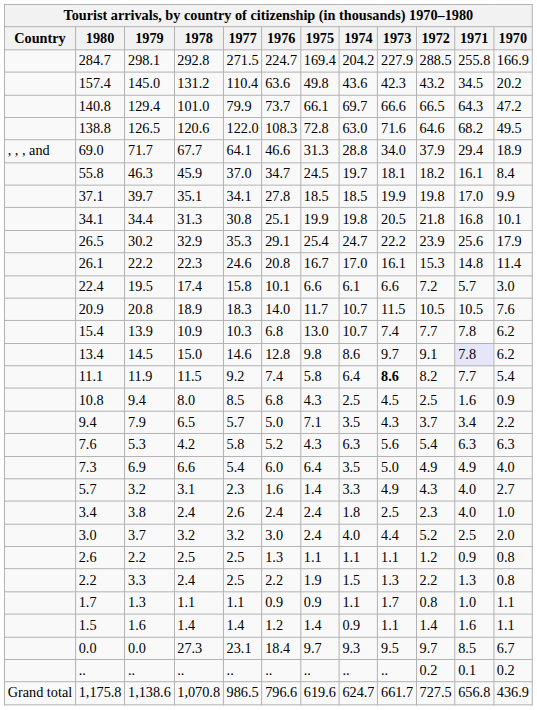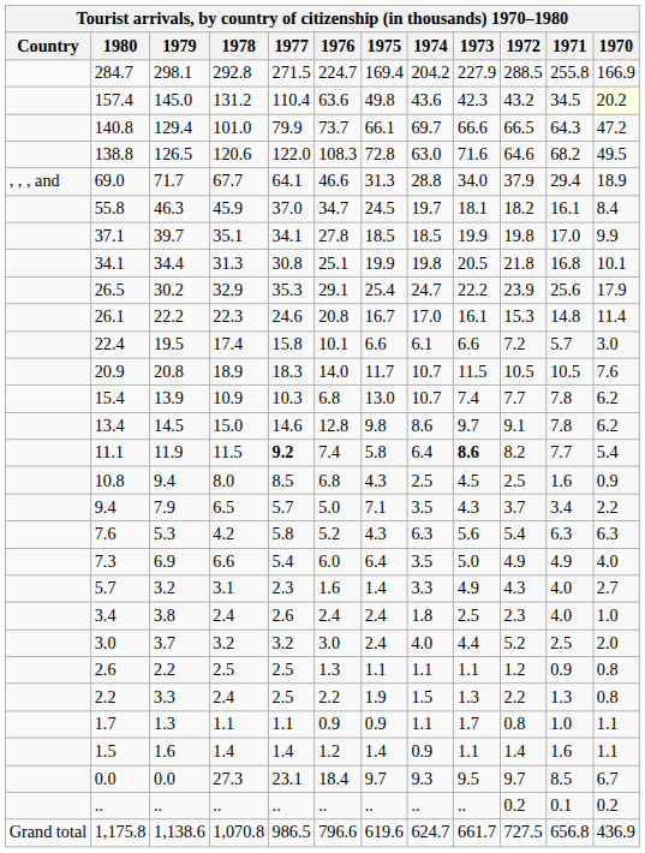 <table class="wikitable sortable mw-collapsible mw-collapsed">
 <tr>
 <th colspan="12">Tourist arrivals, by country of citizenship (in thousands) 1970–1980</th>
 </tr>
 <tr>
 <th>Country</th>
 <th>1980</th>
 <th>1979</th>
 <th>1978</th>
 <th>1977</th>
 <th>1976</th>
 <th>1975</th>
 <th>1974</th>
 <th>1973</th>
 <th>1972</th>
 <th>1971</th>
 <th>1970</th>
 </tr>
 <tr>
 <td></td>
 <td> 284.7</td>
 <td> 298.1</td>
 <td> 292.8</td>
 <td> 271.5</td>
 <td> 224.7</td>
 <td> 169.4</td>
 <td> 204.2</td>
 <td> 227.9</td>
 <td> 288.5</td>
 <td> 255.8</td>
 <td>166.9</td>
 </tr>
 <tr>
 <td></td>
 <td> 157.4</td>
 <td> 145.0</td>
 <td> 131.2</td>
 <td> 110.4</td>
 <td> 63.6</td>
 <td> 49.8</td>
 <td> 43.6</td>
 <td> 42.3</td>
 <td> 43.2</td>
 <td> 34.5</td>
-<td>20.2</td>
+<td style="background: lightyellow;">20.2</td>
 </tr>
 <tr>
 <td></td>
 <td> 140.8</td>
 <td> 129.4</td>
 <td> 101.0</td>
 <td> 79.9</td>
 <td> 73.7</td>
 <td> 66.1</td>
 <td> 69.7</td>
 <td> 66.6</td>
 <td> 66.5</td>
 <td> 64.3</td>
 <td>47.2</td>
 </tr>
 <tr>
 <td></td>
 <td> 138.8</td>
 <td> 126.5</td>
 <td> 120.6</td>
 <td> 122.0</td>
 <td> 108.3</td>
 <td> 72.8</td>
 <td> 63.0</td>
 <td> 71.6</td>
 <td> 64.6</td>
 <td> 68.2</td>
 <td>49.5</td>
 </tr>
 <tr>
 <td>, , , and </td>
 <td> 69.0</td>
 <td> 71.7</td>
 <td> 67.7</td>
 <td> 64.1</td>
 <td> 46.6</td>
 <td> 31.3</td>
 <td> 28.8</td>
 <td> 34.0</td>
 <td> 37.9</td>
 <td> 29.4</td>
 <td>18.9</td>
 </tr>
 <tr>
 <td></td>
 <td> 55.8</td>
 <td> 46.3</td>
 <td> 45.9</td>
 <td> 37.0</td>
 <td> 34.7</td>
 <td> 24.5</td>
 <td> 19.7</td>
 <td> 18.1</td>
 <td> 18.2</td>
 <td> 16.1</td>
 <td>8.4</td>
 </tr>
 <tr>
 <td></td>
 <td> 37.1</td>
 <td> 39.7</td>
 <td> 35.1</td>
 <td> 34.1</td>
 <td> 27.8</td>
 <td>18.5</td>
 <td> 18.5</td>
 <td> 19.9</td>
 <td> 19.8</td>
 <td> 17.0</td>
 <td>9.9</td>
 </tr>
 <tr>
 <td></td>
 <td> 34.1</td>
 <td> 34.4</td>
 <td> 31.3</td>
 <td> 30.8</td>
 <td> 25.1</td>
 <td> 19.9</td>
 <td> 19.8</td>
 <td> 20.5</td>
 <td> 21.8</td>
 <td> 16.8</td>
 <td>10.1</td>
 </tr>
 <tr>
 <td></td>
 <td> 26.5</td>
 <td> 30.2</td>
 <td> 32.9</td>
 <td> 35.3</td>
 <td> 29.1</td>
 <td> 25.4</td>
 <td> 24.7</td>
 <td> 22.2</td>
 <td> 23.9</td>
 <td> 25.6</td>
 <td>17.9</td>
 </tr>
 <tr>
 <td></td>
 <td> 26.1</td>
 <td> 22.2</td>
 <td> 22.3</td>
 <td> 24.6</td>
 <td> 20.8</td>
 <td> 16.7</td>
 <td> 17.0</td>
 <td> 16.1</td>
 <td> 15.3</td>
 <td> 14.8</td>
 <td>11.4</td>
 </tr>
 <tr>
 <td></td>
 <td> 22.4</td>
 <td> 19.5</td>
 <td> 17.4</td>
 <td> 15.8</td>
 <td> 10.1</td>
 <td> 6.6</td>
 <td> 6.1</td>
 <td> 6.6</td>
 <td> 7.2</td>
 <td> 5.7</td>
 <td>3.0</td>
 </tr>
 <tr>
 <td></td>
 <td> 20.9</td>
 <td> 20.8</td>
 <td> 18.9</td>
 <td> 18.3</td>
 <td> 14.0</td>
 <td> 11.7</td>
 <td> 10.7</td>
 <td> 11.5</td>
 <td>10.5</td>
 <td> 10.5</td>
 <td>7.6</td>
 </tr>
 <tr>
 <td></td>
 <td> 15.4</td>
 <td> 13.9</td>
 <td> 10.9</td>
 <td> 10.3</td>
 <td> 6.8</td>
 <td> 13.0</td>
 <td> 10.7</td>
 <td> 7.4</td>
 <td> 7.7</td>
 <td> 7.8</td>
 <td>6.2</td>
 </tr>
 <tr>
 <td></td>
 <td> 13.4</td>
 <td> 14.5</td>
 <td> 15.0</td>
 <td> 14.6</td>
 <td> 12.8</td>
 <td> 9.8</td>
 <td> 8.6</td>
 <td> 9.7</td>
 <td> 9.1</td>
-<td style="background: lavender;"> 7.8</td>
+<td> 7.8</td>
 <td>6.2</td>
 </tr>
 <tr>
 <td></td>
 <td> 11.1</td>
 <td> 11.9</td>
 <td> 11.5</td>
-<td> 9.2</td>
+<td><strong> 9.2</strong></td>
 <td> 7.4</td>
 <td> 5.8</td>
 <td> 6.4</td>
 <td><strong> 8.6</strong></td>
 <td> 8.2</td>
 <td> 7.7</td>
 <td>5.4</td>
 </tr>
 <tr>
 <td></td>
 <td> 10.8</td>
 <td> 9.4</td>
 <td> 8.0</td>
 <td> 8.5</td>
 <td> 6.8</td>
 <td> 4.3</td>
 <td> 2.5</td>
 <td> 4.5</td>
 <td> 2.5</td>
 <td> 1.6</td>
 <td>0.9</td>
 </tr>
 <tr>
 <td></td>
 <td> 9.4</td>
 <td> 7.9</td>
 <td> 6.5</td>
 <td> 5.7</td>
 <td> 5.0</td>
 <td> 7.1</td>
 <td> 3.5</td>
 <td> 4.3</td>
 <td> 3.7</td>
 <td> 3.4</td>
 <td>2.2</td>
 </tr>
 <tr>
 <td></td>
 <td> 7.6</td>
 <td> 5.3</td>
 <td> 4.2</td>
 <td> 5.8</td>
 <td> 5.2</td>
 <td> 4.3</td>
 <td> 6.3</td>
 <td> 5.6</td>
 <td> 5.4</td>
 <td>6.3</td>
 <td>6.3</td>
 </tr>
 <tr>
 <td></td>
 <td> 7.3</td>
 <td> 6.9</td>
 <td> 6.6</td>
 <td> 5.4</td>
 <td> 6.0</td>
 <td> 6.4</td>
 <td> 3.5</td>
 <td> 5.0</td>
 <td>4.9</td>
 <td> 4.9</td>
 <td>4.0</td>
 </tr>
 <tr>
 <td></td>
 <td> 5.7</td>
 <td> 3.2</td>
 <td> 3.1</td>
 <td> 2.3</td>
 <td> 1.6</td>
 <td> 1.4</td>
 <td> 3.3</td>
 <td> 4.9</td>
 <td> 4.3</td>
 <td> 4.0</td>
 <td>2.7</td>
 </tr>
 <tr>
 <td></td>
 <td> 3.4</td>
 <td> 3.8</td>
 <td> 2.4</td>
 <td> 2.6</td>
 <td>2.4</td>
 <td> 2.4</td>
 <td> 1.8</td>
 <td> 2.5</td>
 <td> 2.3</td>
 <td> 4.0</td>
 <td>1.0</td>
 </tr>
 <tr>
 <td></td>
 <td> 3.0</td>
 <td> 3.7</td>
 <td>3.2</td>
 <td> 3.2</td>
 <td> 3.0</td>
 <td> 2.4</td>
 <td> 4.0</td>
 <td> 4.4</td>
 <td> 5.2</td>
 <td> 2.5</td>
 <td>2.0</td>
 </tr>
 <tr>
 <td></td>
 <td> 2.6</td>
 <td> 2.2</td>
 <td>2.5</td>
 <td> 2.5</td>
 <td> 1.3</td>
 <td>1.1</td>
 <td>1.1</td>
 <td> 1.1</td>
 <td> 1.2</td>
 <td> 0.9</td>
 <td>0.8</td>
 </tr>
 <tr>
 <td></td>
 <td> 2.2</td>
 <td> 3.3</td>
 <td> 2.4</td>
 <td> 2.5</td>
 <td> 2.2</td>
 <td> 1.9</td>
 <td> 1.5</td>
 <td> 1.3</td>
 <td> 2.2</td>
 <td> 1.3</td>
 <td>0.8</td>
 </tr>
 <tr>
 <td></td>
 <td> 1.7</td>
 <td> 1.3</td>
 <td>1.1</td>
 <td> 1.1</td>
 <td>0.9</td>
 <td> 0.9</td>
 <td> 1.1</td>
 <td> 1.7</td>
 <td> 0.8</td>
 <td> 1.0</td>
 <td>1.1</td>
 </tr>
 <tr>
 <td></td>
 <td> 1.5</td>
 <td> 1.6</td>
 <td>1.4</td>
 <td> 1.4</td>
 <td> 1.2</td>
 <td> 1.4</td>
 <td> 0.9</td>
 <td> 1.1</td>
 <td> 1.4</td>
 <td> 1.6</td>
 <td>1.1</td>
 </tr>
 <tr>
 <td></td>
 <td>0.0</td>
 <td> 0.0</td>
 <td> 27.3</td>
 <td> 23.1</td>
 <td>  18.4</td>
 <td> 9.7</td>
 <td> 9.3</td>
 <td> 9.5</td>
 <td> 9.7</td>
 <td> 8.5</td>
 <td>6.7</td>
 </tr>
 <tr>
 <td></td>
 <td>..</td>
 <td>..</td>
 <td>..</td>
 <td>..</td>
 <td>..</td>
 <td>..</td>
 <td>..</td>
 <td>..</td>
 <td> 0.2</td>
 <td> 0.1</td>
 <td>0.2</td>
 </tr>
 <tr>
 <td>Grand total</td>
 <td> 1,175.8</td>
 <td> 1,138.6</td>
 <td> 1,070.8</td>
 <td> 986.5</td>
 <td> 796.6</td>
 <td> 619.6</td>
 <td> 624.7</td>
 <td> 661.7</td>
 <td> 727.5</td>
 <td> 656.8</td>
 <td>436.9</td>
 </tr>
 </table>
